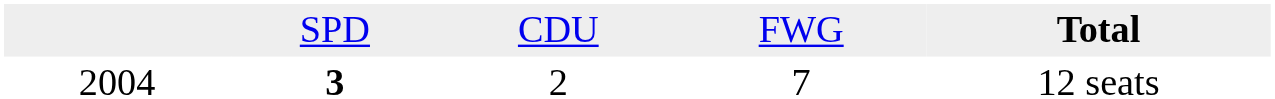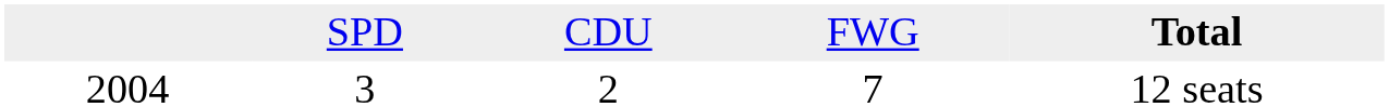 <table border="0" cellpadding="2" cellspacing="0" width="60%">
 <tr bgcolor="#eeeeee" align="center">
 <td></td>
 <td><a href='#'>SPD</a></td>
 <td><a href='#'>CDU</a></td>
 <td><a href='#'>FWG</a></td>
 <td><strong>Total</strong></td>
 </tr>
 <tr align="center">
 <td>2004</td>
-<td><strong>3</strong></td>
+<td>3</td>
 <td>2</td>
 <td>7</td>
 <td>12 seats</td>
 </tr>
 </table>
